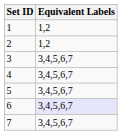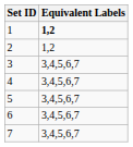 <table class="wikitable">
 <tr>
 <th><strong>Set ID</strong></th>
 <th><strong>Equivalent Labels</strong></th>
 </tr>
 <tr>
 <td>1</td>
-<td>1,2</td>
+<td><strong>1,2</strong></td>
 </tr>
 <tr>
 <td>2</td>
 <td>1,2</td>
 </tr>
 <tr>
 <td>3</td>
 <td>3,4,5,6,7</td>
 </tr>
 <tr>
 <td>4</td>
 <td>3,4,5,6,7</td>
 </tr>
 <tr>
 <td>5</td>
 <td>3,4,5,6,7</td>
 </tr>
 <tr>
 <td>6</td>
-<td style="background: lavender;">3,4,5,6,7</td>
+<td>3,4,5,6,7</td>
 </tr>
 <tr>
 <td>7</td>
 <td>3,4,5,6,7</td>
 </tr>
 </table>
